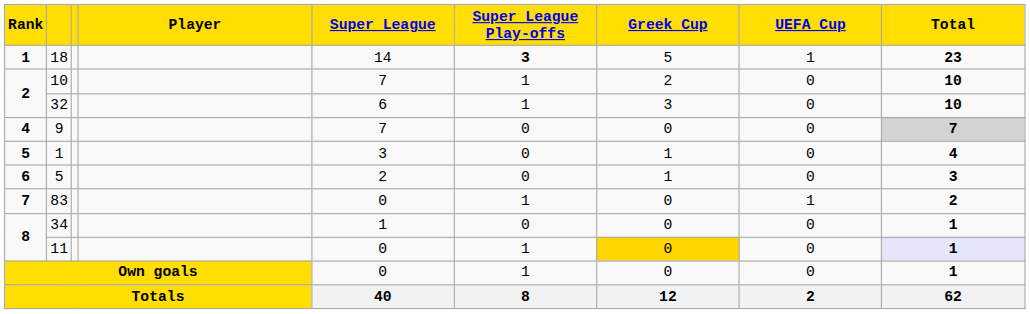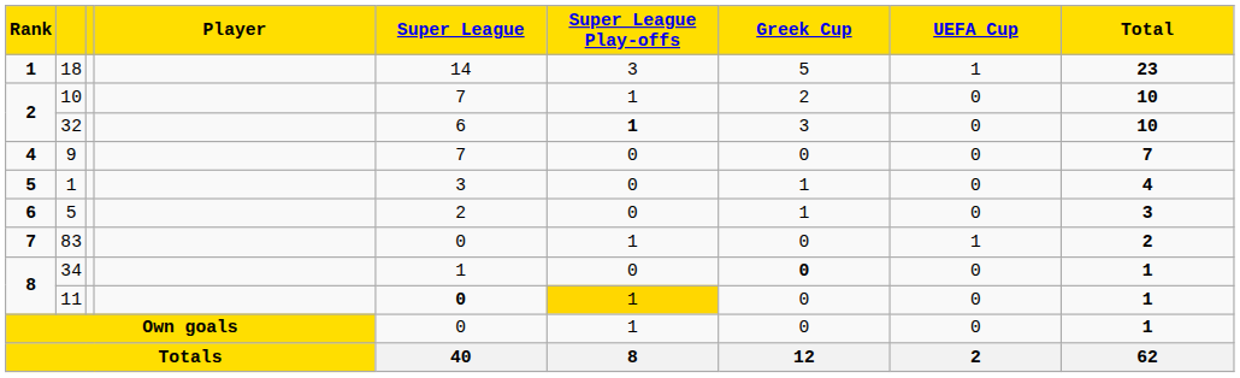 <table class="wikitable sortable" style="text-align: center">
 <tr>
 <th style="background:#FFDE00">Rank</th>
 <th style="background:#FFDE00"></th>
 <th style="background:#FFDE00"></th>
 <th width=200 style="background:#FFDE00">Player</th>
 <th width=120 style="background:#FFDE00"><a href='#'>Super League</a></th>
 <th width=120 style="background:#FFDE00"><a href='#'>Super League Play-offs</a></th>
 <th width=120 style="background:#FFDE00"><a href='#'>Greek Cup</a></th>
 <th width=120 style="background:#FFDE00"><a href='#'>UEFA Cup</a></th>
 <th width=120 style="background:#FFDE00">Total</th>
 </tr>
 <tr>
 <td><strong>1</strong></td>
 <td>18</td>
 <td></td>
 <td align=left></td>
 <td>14</td>
-<td><strong>3</strong></td>
+<td>3</td>
 <td>5</td>
 <td>1</td>
 <td><strong>23</strong></td>
 </tr>
 <tr>
 <td rowspan=2><strong>2</strong></td>
 <td>10</td>
 <td></td>
 <td align=left></td>
 <td>7</td>
 <td>1</td>
 <td>2</td>
 <td>0</td>
 <td><strong>10</strong></td>
 </tr>
 <tr>
 <td>32</td>
 <td></td>
 <td align=left></td>
 <td>6</td>
-<td>1</td>
+<td><strong>1</strong></td>
 <td>3</td>
 <td>0</td>
 <td><strong>10</strong></td>
 </tr>
 <tr>
 <td><strong>4</strong></td>
 <td>9</td>
 <td></td>
 <td align=left></td>
 <td>7</td>
 <td>0</td>
 <td>0</td>
 <td>0</td>
-<td style="background: lightgrey;"><strong>7</strong></td>
+<td><strong>7</strong></td>
 </tr>
 <tr>
 <td><strong>5</strong></td>
 <td>1</td>
 <td></td>
 <td align=left></td>
 <td>3</td>
 <td>0</td>
 <td>1</td>
 <td>0</td>
 <td><strong>4</strong></td>
 </tr>
 <tr>
 <td><strong>6</strong></td>
 <td>5</td>
 <td></td>
 <td align=left></td>
 <td>2</td>
 <td>0</td>
 <td>1</td>
 <td>0</td>
 <td><strong>3</strong></td>
 </tr>
 <tr>
 <td><strong>7</strong></td>
 <td>83</td>
 <td></td>
 <td align=left></td>
 <td>0</td>
 <td>1</td>
 <td>0</td>
 <td>1</td>
 <td><strong>2</strong></td>
 </tr>
 <tr>
 <td rowspan=2><strong>8</strong></td>
 <td>34</td>
 <td></td>
 <td align=left></td>
 <td>1</td>
 <td>0</td>
-<td>0</td>
+<td><strong>0</strong></td>
 <td>0</td>
 <td><strong>1</strong></td>
 </tr>
 <tr>
 <td>11</td>
 <td></td>
 <td align=left></td>
+<td><strong>0</strong></td>
+<td style="background: gold;">1</td>
 <td>0</td>
-<td>1</td>
-<td style="background: gold;">0</td>
 <td>0</td>
-<td style="background: lavender;"><strong>1</strong></td>
+<td><strong>1</strong></td>
 </tr>
 <tr class="sortbottom">
 <td colspan=4 style="background:#FFDE00"><strong>Own goals</strong></td>
 <td>0</td>
 <td>1</td>
 <td>0</td>
 <td>0</td>
 <td><strong>1</strong></td>
 </tr>
 <tr class="sortbottom">
 <th colspan=4 style="background:#FFDE00"><strong>Totals</strong></th>
 <th><strong>40</strong></th>
 <th><strong> 8</strong></th>
 <th><strong>12</strong></th>
 <th><strong> 2</strong></th>
 <th><strong>62</strong></th>
 </tr>
 </table>
